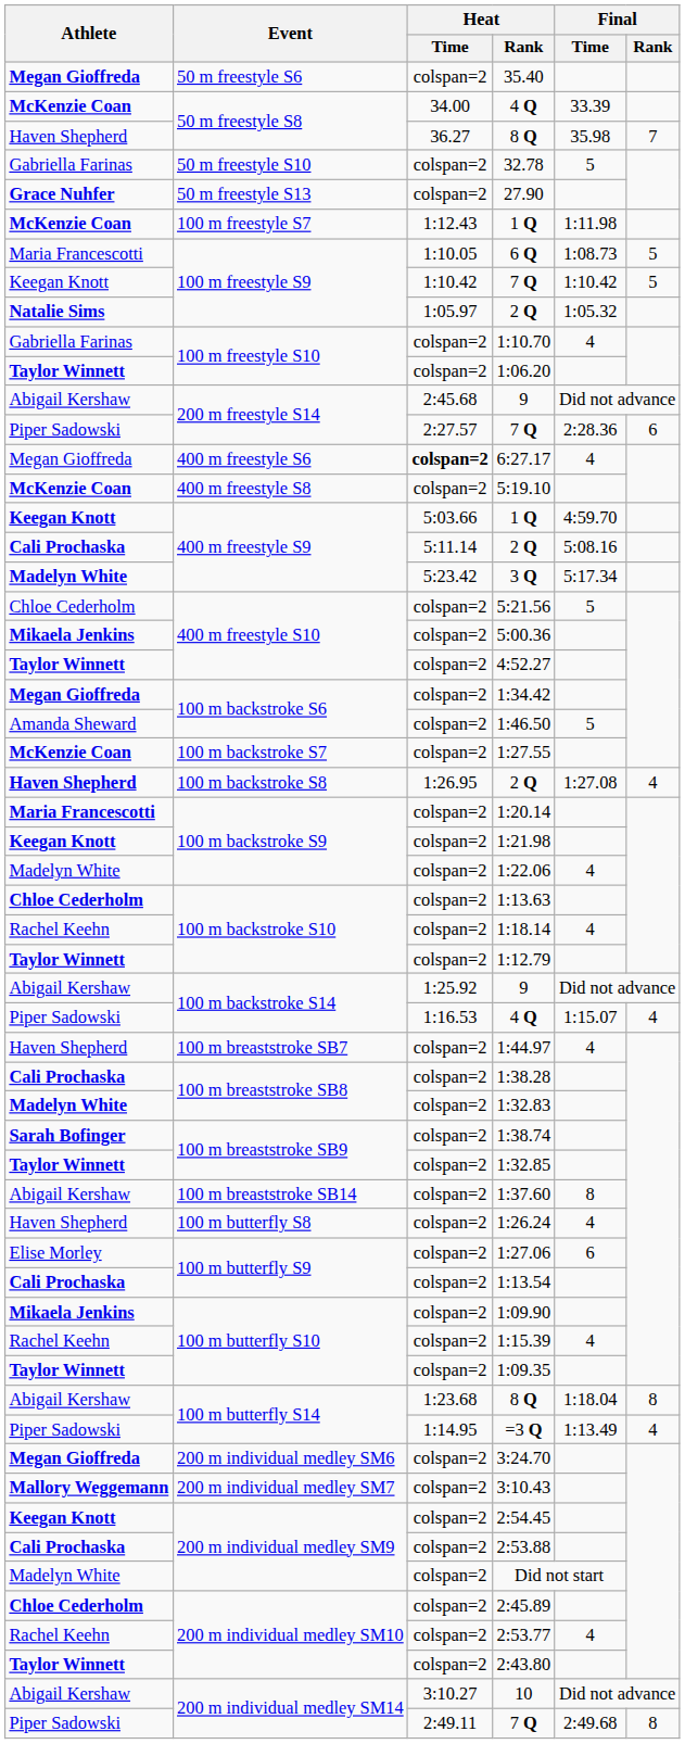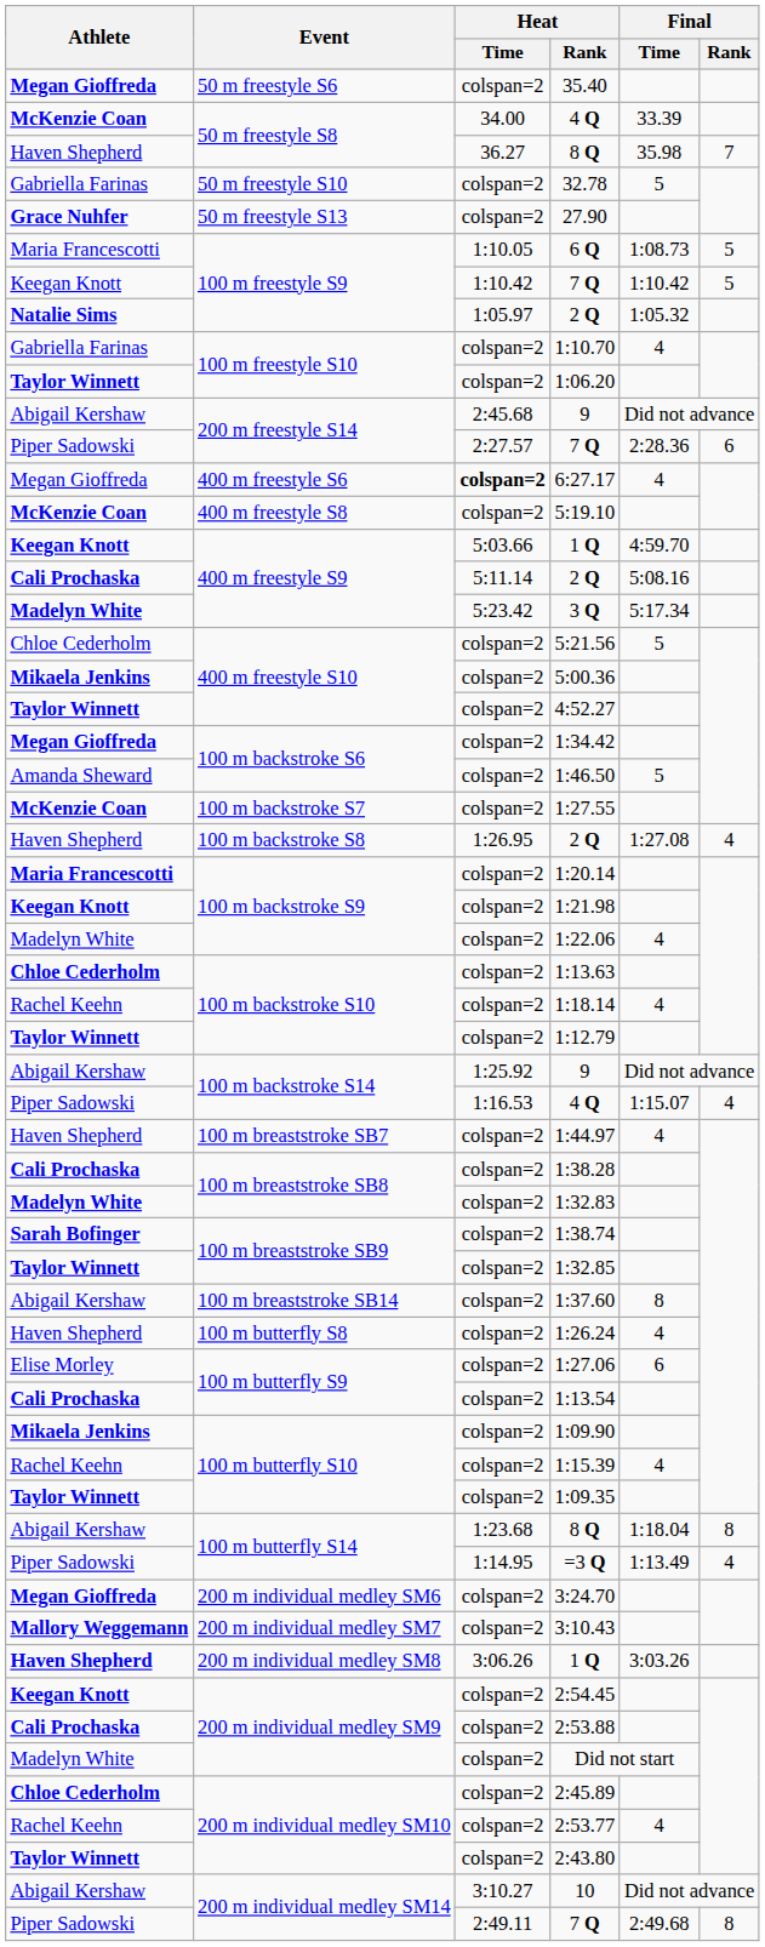 <table class=wikitable style=font-size:90%;text-align:center>
 <tr>
 <th rowspan=2>Athlete</th>
 <th rowspan=2>Event</th>
 <th colspan=2>Heat</th>
 <th colspan=2>Final</th>
 </tr>
 <tr style=font-size:95%>
 <th>Time</th>
 <th>Rank</th>
 <th>Time</th>
 <th>Rank</th>
 </tr>
 <tr align=center>
 <td align=left><strong><a href='#'>Megan Gioffreda</a></strong></td>
 <td align=left><a href='#'>50 m freestyle S6</a></td>
 <td>colspan=2 </td>
 <td>35.40</td>
 <td></td>
 </tr>
 <tr align=center>
 <td align=left><strong><a href='#'>McKenzie Coan</a></strong></td>
 <td align=left rowspan=2><a href='#'>50 m freestyle S8</a></td>
 <td>34.00</td>
 <td>4 <strong>Q</strong></td>
 <td>33.39</td>
 <td></td>
 </tr>
 <tr align=center>
 <td align=left><a href='#'>Haven Shepherd</a></td>
 <td>36.27</td>
 <td>8 <strong>Q</strong></td>
 <td>35.98</td>
 <td>7</td>
 </tr>
 <tr align=center>
 <td align=left><a href='#'>Gabriella Farinas</a></td>
 <td align=left><a href='#'>50 m freestyle S10</a></td>
 <td>colspan=2 </td>
 <td>32.78</td>
 <td>5</td>
 </tr>
 <tr align=center>
 <td align=left><strong><a href='#'>Grace Nuhfer</a></strong></td>
 <td align=left><a href='#'>50 m freestyle S13</a></td>
 <td>colspan=2 </td>
 <td>27.90</td>
-<td></td>
-</tr>
-<tr align=center>
-<td align=left><strong><a href='#'>McKenzie Coan</a></strong></td>
-<td align=left><a href='#'>100 m freestyle S7</a></td>
-<td>1:12.43</td>
-<td>1 <strong>Q</strong></td>
-<td>1:11.98</td>
 <td></td>
 </tr>
 <tr align=center>
 <td align=left><a href='#'>Maria Francescotti</a></td>
 <td align=left rowspan=3><a href='#'>100 m freestyle S9</a></td>
 <td>1:10.05</td>
 <td>6 <strong>Q</strong></td>
 <td>1:08.73</td>
 <td>5</td>
 </tr>
 <tr align=center>
 <td align=left><a href='#'>Keegan Knott</a></td>
 <td>1:10.42</td>
 <td>7 <strong>Q</strong></td>
 <td>1:10.42</td>
 <td>5</td>
 </tr>
 <tr align=center>
 <td align=left><strong><a href='#'>Natalie Sims</a></strong></td>
 <td>1:05.97</td>
 <td>2 <strong>Q</strong></td>
 <td>1:05.32</td>
 <td></td>
 </tr>
 <tr align=center>
 <td align=left><a href='#'>Gabriella Farinas</a></td>
 <td align=left rowspan=2><a href='#'>100 m freestyle S10</a></td>
 <td>colspan=2 </td>
 <td>1:10.70</td>
 <td>4</td>
 </tr>
 <tr align=center>
 <td align=left><strong><a href='#'>Taylor Winnett</a></strong></td>
 <td>colspan=2 </td>
 <td>1:06.20</td>
 <td></td>
 </tr>
 <tr align=center>
 <td align=left><a href='#'>Abigail Kershaw</a></td>
 <td align=left rowspan=2><a href='#'>200 m freestyle S14</a></td>
 <td>2:45.68</td>
 <td>9</td>
 <td colspan=2>Did not advance</td>
 </tr>
 <tr align=center>
 <td align=left><a href='#'>Piper Sadowski</a></td>
 <td>2:27.57</td>
 <td>7 <strong>Q</strong></td>
 <td>2:28.36</td>
 <td>6</td>
 </tr>
 <tr align=center>
 <td align=left><a href='#'>Megan Gioffreda</a></td>
 <td align=left><a href='#'>400 m freestyle S6</a></td>
 <td><strong>colspan=2 </strong></td>
 <td>6:27.17</td>
 <td>4</td>
 </tr>
 <tr align=center>
 <td align=left><strong><a href='#'>McKenzie Coan</a></strong></td>
 <td align=left><a href='#'>400 m freestyle S8</a></td>
 <td>colspan=2 </td>
 <td>5:19.10</td>
 <td></td>
 </tr>
 <tr align=center>
 <td align=left><strong><a href='#'>Keegan Knott</a></strong></td>
 <td align=left rowspan=3><a href='#'>400 m freestyle S9</a></td>
 <td>5:03.66</td>
 <td>1 <strong>Q</strong></td>
 <td>4:59.70</td>
 <td></td>
 </tr>
 <tr align=center>
 <td align=left><strong><a href='#'>Cali Prochaska</a></strong></td>
 <td>5:11.14</td>
 <td>2 <strong>Q</strong></td>
 <td>5:08.16</td>
 <td></td>
 </tr>
 <tr align=center>
 <td align=left><strong><a href='#'>Madelyn White</a></strong></td>
 <td>5:23.42</td>
 <td>3 <strong>Q</strong></td>
 <td>5:17.34</td>
 <td></td>
 </tr>
 <tr align=center>
 <td align=left><a href='#'>Chloe Cederholm</a></td>
 <td align=left rowspan=3><a href='#'>400 m freestyle S10</a></td>
 <td>colspan=2 </td>
 <td>5:21.56</td>
 <td>5</td>
 </tr>
 <tr align=center>
 <td align=left><strong><a href='#'>Mikaela Jenkins</a></strong></td>
 <td>colspan=2 </td>
 <td>5:00.36</td>
 <td></td>
 </tr>
 <tr align=center>
 <td align=left><strong><a href='#'>Taylor Winnett</a></strong></td>
 <td>colspan=2 </td>
 <td>4:52.27</td>
 <td></td>
 </tr>
 <tr align=center>
 <td align=left><strong><a href='#'>Megan Gioffreda</a></strong></td>
 <td align=left rowspan=2><a href='#'>100 m backstroke S6</a></td>
 <td>colspan=2 </td>
 <td>1:34.42</td>
 <td></td>
 </tr>
 <tr align=center>
 <td align=left><a href='#'>Amanda Sheward</a></td>
 <td>colspan=2 </td>
 <td>1:46.50</td>
 <td>5</td>
 </tr>
 <tr align=center>
 <td align=left><strong><a href='#'>McKenzie Coan</a></strong></td>
 <td align=left><a href='#'>100 m backstroke S7</a></td>
 <td>colspan=2 </td>
 <td>1:27.55</td>
 <td></td>
 </tr>
 <tr align=center>
-<td align=left><strong><a href='#'>Haven Shepherd</a></strong></td>
+<td align=left><a href='#'>Haven Shepherd</a></td>
 <td align=left><a href='#'>100 m backstroke S8</a></td>
 <td>1:26.95</td>
 <td>2 <strong>Q</strong></td>
 <td>1:27.08</td>
 <td>4</td>
 </tr>
 <tr align=center>
 <td align=left><strong><a href='#'>Maria Francescotti</a></strong></td>
 <td align=left rowspan=3><a href='#'>100 m backstroke S9</a></td>
 <td>colspan=2 </td>
 <td>1:20.14</td>
 <td></td>
 </tr>
 <tr align=center>
 <td align=left><strong><a href='#'>Keegan Knott</a></strong></td>
 <td>colspan=2 </td>
 <td>1:21.98</td>
 <td></td>
 </tr>
 <tr align=center>
 <td align=left><a href='#'>Madelyn White</a></td>
 <td>colspan=2 </td>
 <td>1:22.06</td>
 <td>4</td>
 </tr>
 <tr align=center>
 <td align=left><strong><a href='#'>Chloe Cederholm</a></strong></td>
 <td align=left rowspan=3><a href='#'>100 m backstroke S10</a></td>
 <td>colspan=2 </td>
 <td>1:13.63</td>
 <td></td>
 </tr>
 <tr align=center>
 <td align=left><a href='#'>Rachel Keehn</a></td>
 <td>colspan=2 </td>
 <td>1:18.14</td>
 <td>4</td>
 </tr>
 <tr align=center>
 <td align=left><strong><a href='#'>Taylor Winnett</a></strong></td>
 <td>colspan=2 </td>
 <td>1:12.79</td>
 <td></td>
 </tr>
 <tr align=center>
 <td align=left><a href='#'>Abigail Kershaw</a></td>
 <td align=left rowspan=2><a href='#'>100 m backstroke S14</a></td>
 <td>1:25.92</td>
 <td>9</td>
 <td colspan=2>Did not advance</td>
 </tr>
 <tr align=center>
 <td align=left><a href='#'>Piper Sadowski</a></td>
 <td>1:16.53</td>
 <td>4 <strong>Q</strong></td>
 <td>1:15.07</td>
 <td>4</td>
 </tr>
 <tr align=center>
 <td align=left><a href='#'>Haven Shepherd</a></td>
 <td align=left><a href='#'>100 m breaststroke SB7</a></td>
 <td>colspan=2 </td>
 <td>1:44.97</td>
 <td>4</td>
 </tr>
 <tr align=center>
 <td align=left><strong><a href='#'>Cali Prochaska</a></strong></td>
 <td align=left rowspan=2><a href='#'>100 m breaststroke SB8</a></td>
 <td>colspan=2 </td>
 <td>1:38.28</td>
 <td></td>
 </tr>
 <tr align=center>
 <td align=left><strong><a href='#'>Madelyn White</a></strong></td>
 <td>colspan=2 </td>
 <td>1:32.83</td>
 <td></td>
 </tr>
 <tr align=center>
 <td align=left><strong><a href='#'>Sarah Bofinger</a></strong></td>
 <td align=left rowspan=2><a href='#'>100 m breaststroke SB9</a></td>
 <td>colspan=2 </td>
 <td>1:38.74</td>
 <td></td>
 </tr>
 <tr align=center>
 <td align=left><strong><a href='#'>Taylor Winnett</a></strong></td>
 <td>colspan=2 </td>
 <td>1:32.85</td>
 <td></td>
 </tr>
 <tr align=center>
 <td align=left><a href='#'>Abigail Kershaw</a></td>
 <td align=left><a href='#'>100 m breaststroke SB14</a></td>
 <td>colspan=2 </td>
 <td>1:37.60</td>
 <td>8</td>
 </tr>
 <tr align=center>
 <td align=left><a href='#'>Haven Shepherd</a></td>
 <td align=left><a href='#'>100 m butterfly S8</a></td>
 <td>colspan=2 </td>
 <td>1:26.24</td>
 <td>4</td>
 </tr>
 <tr align=center>
 <td align=left><a href='#'>Elise Morley</a></td>
 <td align=left rowspan=2><a href='#'>100 m butterfly S9</a></td>
 <td>colspan=2 </td>
 <td>1:27.06</td>
 <td>6</td>
 </tr>
 <tr align=center>
 <td align=left><strong><a href='#'>Cali Prochaska</a></strong></td>
 <td>colspan=2 </td>
 <td>1:13.54</td>
 <td></td>
 </tr>
 <tr align=center>
 <td align=left><strong><a href='#'>Mikaela Jenkins</a></strong></td>
 <td align=left rowspan=3><a href='#'>100 m butterfly S10</a></td>
 <td>colspan=2 </td>
 <td>1:09.90</td>
 <td></td>
 </tr>
 <tr align=center>
 <td align=left><a href='#'>Rachel Keehn</a></td>
 <td>colspan=2 </td>
 <td>1:15.39</td>
 <td>4</td>
 </tr>
 <tr align=center>
 <td align=left><strong><a href='#'>Taylor Winnett</a></strong></td>
 <td>colspan=2 </td>
 <td>1:09.35</td>
 <td></td>
 </tr>
 <tr align=center>
 <td align=left><a href='#'>Abigail Kershaw</a></td>
 <td align=left rowspan=2><a href='#'>100 m butterfly S14</a></td>
 <td>1:23.68</td>
 <td>8 <strong>Q</strong></td>
 <td>1:18.04</td>
 <td>8</td>
 </tr>
 <tr align=center>
 <td align=left><a href='#'>Piper Sadowski</a></td>
 <td>1:14.95</td>
 <td>=3 <strong>Q</strong></td>
 <td>1:13.49</td>
 <td>4</td>
 </tr>
 <tr align=center>
 <td align=left><strong><a href='#'>Megan Gioffreda</a></strong></td>
 <td align=left><a href='#'>200 m individual medley SM6</a></td>
 <td>colspan=2 </td>
 <td>3:24.70</td>
 <td></td>
 </tr>
 <tr align=center>
 <td align=left><strong><a href='#'>Mallory Weggemann</a></strong></td>
 <td align=left><a href='#'>200 m individual medley SM7</a></td>
 <td>colspan=2 </td>
 <td>3:10.43</td>
 <td></td>
 </tr>
 <tr align=center>
+<td align=left><strong><a href='#'>Haven Shepherd</a></strong></td>
+<td align=left><a href='#'>200 m individual medley SM8</a></td>
+<td>3:06.26</td>
+<td>1 <strong>Q</strong></td>
+<td>3:03.26</td>
+<td></td>
+</tr>
+<tr align=center>
 <td align=left><strong><a href='#'>Keegan Knott</a></strong></td>
 <td align=left rowspan=3><a href='#'>200 m individual medley SM9</a></td>
 <td>colspan=2 </td>
 <td>2:54.45</td>
 <td></td>
 </tr>
 <tr align=center>
 <td align=left><strong><a href='#'>Cali Prochaska</a></strong></td>
 <td>colspan=2 </td>
 <td>2:53.88</td>
 <td></td>
 </tr>
 <tr align=center>
 <td align=left><a href='#'>Madelyn White</a></td>
 <td>colspan=2 </td>
 <td colspan=2>Did not start</td>
 </tr>
 <tr align=center>
 <td align=left><strong><a href='#'>Chloe Cederholm</a></strong></td>
 <td align=left rowspan=3><a href='#'>200 m individual medley SM10</a></td>
 <td>colspan=2 </td>
 <td>2:45.89</td>
 <td></td>
 </tr>
 <tr align=center>
 <td align=left><a href='#'>Rachel Keehn</a></td>
 <td>colspan=2 </td>
 <td>2:53.77</td>
 <td>4</td>
 </tr>
 <tr align=center>
 <td align=left><strong><a href='#'>Taylor Winnett</a></strong></td>
 <td>colspan=2 </td>
 <td>2:43.80</td>
 <td></td>
 </tr>
 <tr align=center>
 <td align=left><a href='#'>Abigail Kershaw</a></td>
 <td align=left rowspan=2><a href='#'>200 m individual medley SM14</a></td>
 <td>3:10.27</td>
 <td>10</td>
 <td colspan=2>Did not advance</td>
 </tr>
 <tr align=center>
 <td align=left><a href='#'>Piper Sadowski</a></td>
 <td>2:49.11</td>
 <td>7 <strong>Q</strong></td>
 <td>2:49.68</td>
 <td>8</td>
 </tr>
 </table>
